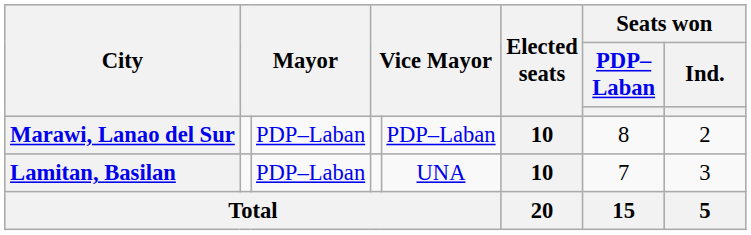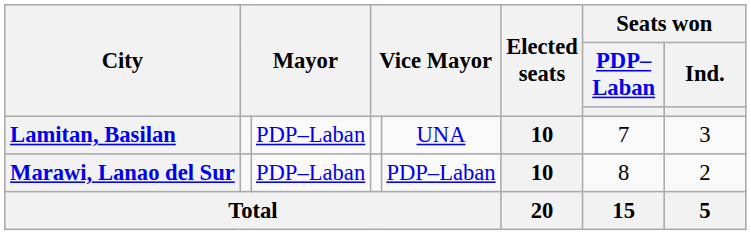 <table class="wikitable" style="text-align:center; font-size: 0.9em;">
 <tr>
 <th rowspan="3">City</th>
 <th colspan="2" rowspan="3" style="width:60px;">Mayor</th>
 <th colspan="2" rowspan="3" style="width:60px;">Vice Mayor</th>
 <th rowspan="3">Elected<br>seats</th>
 <th colspan="2">Seats won</th>
 </tr>
 <tr>
 <th class="unsortable" style="width:45px;"><a href='#'>PDP–Laban</a></th>
 <th class="unsortable" style="width:45px;">Ind.</th>
 </tr>
 <tr>
 <th style="color:inherit;background:"></th>
 <th style="color:inherit;background:"></th>
 </tr>
 <tr>
+<th style="text-align: left;"><a href='#'>Lamitan, Basilan</a></th>
+<td style="color:inherit;background:"></td>
+<td><a href='#'>PDP–Laban</a></td>
+<td style="color:inherit;background:"></td>
+<td><a href='#'>UNA</a></td>
+<th>10</th>
+<td>7</td>
+<td>3</td>
+</tr>
+<tr>
 <th style="text-align: left;"><a href='#'>Marawi, Lanao del Sur</a></th>
 <td style="color:inherit;background:"></td>
 <td><a href='#'>PDP–Laban</a></td>
 <td style="color:inherit;background:"></td>
 <td><a href='#'>PDP–Laban</a></td>
 <th>10</th>
 <td>8</td>
 <td>2</td>
 </tr>
 <tr>
-<th style="text-align: left;"><a href='#'>Lamitan, Basilan</a></th>
-<td style="color:inherit;background:"></td>
-<td><a href='#'>PDP–Laban</a></td>
-<td style="color:inherit;background:"></td>
-<td><a href='#'>UNA</a></td>
-<th>10</th>
-<td>7</td>
-<td>3</td>
-</tr>
-<tr>
 <th colspan="5">Total</th>
 <th>20</th>
 <th>15</th>
 <th>5</th>
 </tr>
 </table>
